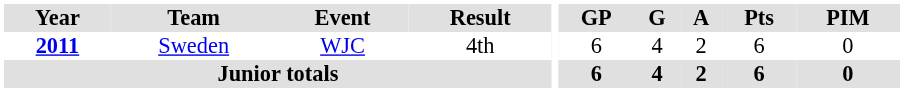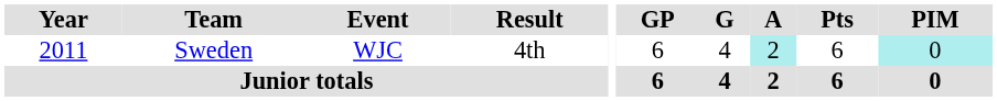 <table border="0" cellpadding="1" cellspacing="0" ID="Table3" style="text-align:center; width:40em">
 <tr ALIGN="center" bgcolor="#e0e0e0">
 <th>Year</th>
 <th>Team</th>
 <th>Event</th>
 <th>Result</th>
 <th rowspan="99" bgcolor="#ffffff"></th>
 <th>GP</th>
 <th>G</th>
 <th>A</th>
 <th>Pts</th>
 <th>PIM</th>
 </tr>
 <tr>
-<td><strong><a href='#'>2011</a></strong></td>
+<td><a href='#'>2011</a></td>
 <td><a href='#'>Sweden</a></td>
 <td><a href='#'>WJC</a></td>
 <td>4th</td>
 <td>6</td>
 <td>4</td>
-<td>2</td>
+<td style="background: paleturquoise;">2</td>
 <td>6</td>
-<td>0</td>
+<td style="background: paleturquoise;">0</td>
 </tr>
 <tr bgcolor="#e0e0e0">
 <th colspan=4>Junior totals</th>
 <th>6</th>
 <th>4</th>
 <th>2</th>
 <th>6</th>
 <th>0</th>
 </tr>
 </table>
